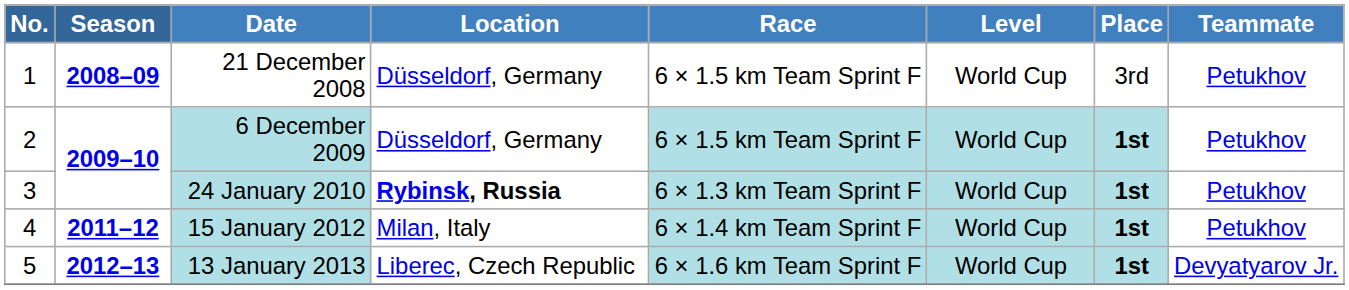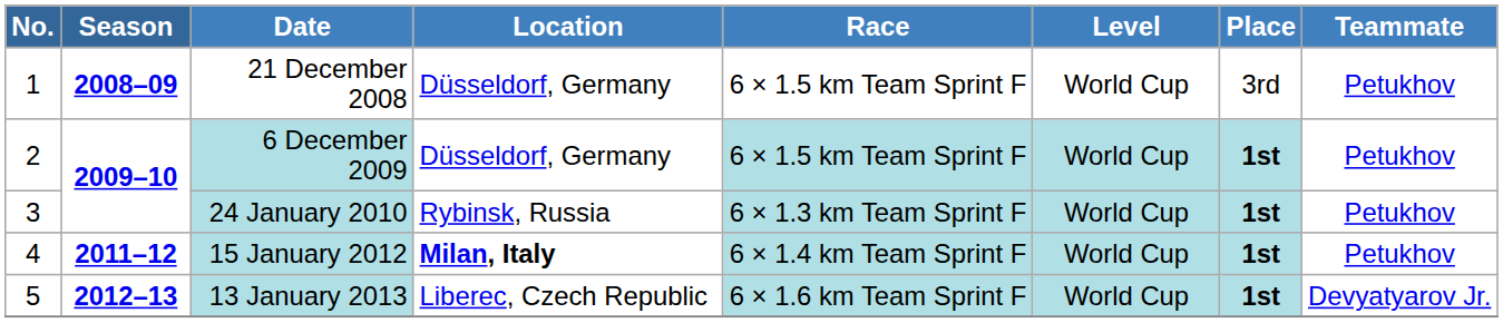 <table class="wikitable sortable" style="font-size:95%; text-align:center; border:grey solid 1px; border-collapse:collapse; background:#ffffff;">
 <tr style="background:#efefef;">
 <th style="background-color:#369; color:white;">No.</th>
 <th style="background-color:#369; color:white;">Season</th>
 <th style="background-color:#4180be; color:white; width:120px;">Date</th>
 <th style="background-color:#4180be; color:white; width:170px;">Location</th>
 <th style="background-color:#4180be; color:white; width:170px;">Race</th>
 <th style="background-color:#4180be; color:white; width:100px;">Level</th>
 <th style="background-color:#4180be; color:white;">Place</th>
 <th style="background-color:#4180be; color:white;">Teammate</th>
 </tr>
 <tr>
 <td align=center>1</td>
 <td rowspan=1 align=center><strong> <a href='#'>2008–09</a> </strong></td>
 <td align=right>21 December 2008</td>
 <td align=left> <a href='#'>Düsseldorf</a>, Germany</td>
 <td>6 × 1.5 km Team Sprint F</td>
 <td>World Cup</td>
 <td>3rd</td>
 <td><a href='#'>Petukhov</a></td>
 </tr>
 <tr>
 <td align=center>2</td>
 <td rowspan=2 align=center><strong><a href='#'>2009–10</a></strong></td>
 <td bgcolor="#BOEOE6" align=right>6 December 2009</td>
 <td align=left> <a href='#'>Düsseldorf</a>, Germany</td>
 <td bgcolor="#BOEOE6">6 × 1.5 km Team Sprint F</td>
 <td bgcolor="#BOEOE6">World Cup</td>
 <td bgcolor="#BOEOE6"><strong>1st</strong></td>
 <td><a href='#'>Petukhov</a></td>
 </tr>
 <tr>
 <td align=center>3</td>
 <td bgcolor="#BOEOE6" align=right>24 January 2010</td>
-<td align=left><strong> <a href='#'>Rybinsk</a>, Russia</strong></td>
+<td align=left> <a href='#'>Rybinsk</a>, Russia</td>
 <td bgcolor="#BOEOE6">6 × 1.3 km Team Sprint F</td>
 <td bgcolor="#BOEOE6">World Cup</td>
 <td bgcolor="#BOEOE6"><strong>1st</strong></td>
 <td><a href='#'>Petukhov</a></td>
 </tr>
 <tr>
 <td align=center>4</td>
 <td rowspan=1 align=center><strong><a href='#'>2011–12</a></strong></td>
 <td bgcolor="#BOEOE6" align=right>15 January 2012</td>
-<td align=left> <a href='#'>Milan</a>, Italy</td>
+<td align=left><strong> <a href='#'>Milan</a>, Italy</strong></td>
 <td bgcolor="#BOEOE6">6 × 1.4 km Team Sprint F</td>
 <td bgcolor="#BOEOE6">World Cup</td>
 <td bgcolor="#BOEOE6"><strong>1st</strong></td>
 <td><a href='#'>Petukhov</a></td>
 </tr>
 <tr>
 <td align=center>5</td>
 <td rowspan=1 align=center><strong><a href='#'>2012–13</a></strong></td>
 <td bgcolor="#BOEOE6" align=right>13 January 2013</td>
 <td align=left> <a href='#'>Liberec</a>, Czech Republic</td>
 <td bgcolor="#BOEOE6">6 × 1.6 km Team Sprint F</td>
 <td bgcolor="#BOEOE6">World Cup</td>
 <td bgcolor="#BOEOE6"><strong>1st</strong></td>
 <td><a href='#'>Devyatyarov Jr.</a></td>
 </tr>
 <tr>
 </tr>
 </table>
